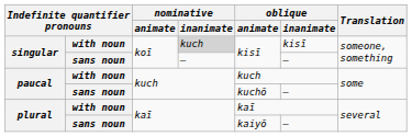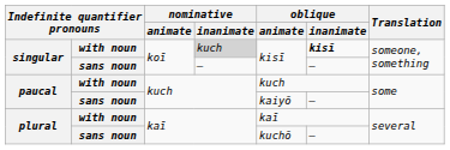 <table class="wikitable">
 <tr>
 <th colspan="2" rowspan="2"><em>Indefinite quantifier</em><br><em>pronouns</em></th>
 <th colspan="2"><em>nominative</em></th>
 <th colspan="2"><em>oblique</em></th>
 <th rowspan="2"><em>Translation</em></th>
 </tr>
 <tr>
 <th><em>animate</em></th>
 <th><em>inanimate</em></th>
 <th><em>animate</em></th>
 <th><em>inanimate</em></th>
 </tr>
 <tr>
 <th rowspan="2"><em>singular</em></th>
 <th><strong><em>with noun</em></strong></th>
 <td rowspan="2"><em>koī</em></td>
 <td style="background: lightgrey;"><em>kuch</em></td>
 <td rowspan="2"><em>kisī</em></td>
-<td><em>kisī</em></td>
+<td><strong><em>kisī</em></strong></td>
 <td rowspan="2"><em>someone,</em><br><em>something</em></td>
 </tr>
 <tr>
 <th><strong><em>sans noun</em></strong></th>
 <td><em>—</em></td>
 <td><em>—</em></td>
 </tr>
 <tr>
 <th rowspan="2"><em>paucal</em></th>
 <th><strong><em>with noun</em></strong></th>
 <td colspan="2" rowspan="2"><em>kuch</em></td>
 <td colspan="2"><em>kuch</em></td>
 <td rowspan="2"><em>some</em></td>
 </tr>
 <tr>
 <th><strong><em>sans noun</em></strong></th>
-<td><em>kuchõ</em></td>
+<td><em>kaiyõ</em></td>
 <td><em>—</em></td>
 </tr>
 <tr>
 <th rowspan="2"><em>plural</em></th>
 <th><strong><em>with noun</em></strong></th>
 <td colspan="2" rowspan="2"><em>kaī</em></td>
 <td colspan="2"><em>kaī</em></td>
 <td rowspan="2"><em>several</em></td>
 </tr>
 <tr>
 <th><strong><em>sans noun</em></strong></th>
-<td><em>kaiyõ</em></td>
+<td><em>kuchõ</em></td>
 <td><em>—</em></td>
 </tr>
 </table>
